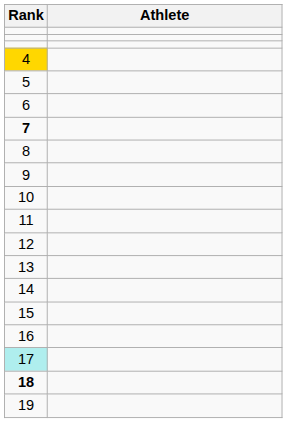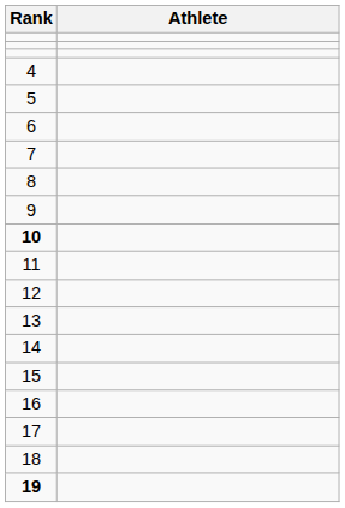 <table class="wikitable" style="text-align: center;">
 <tr>
 <th width=40>Rank</th>
 <th width=250>Athlete</th>
 </tr>
 <tr>
 <td></td>
 <td align="left"></td>
 </tr>
 <tr>
 <td></td>
 <td align="left"></td>
 </tr>
 <tr>
 <td></td>
 <td align="left"></td>
 </tr>
 <tr>
-<td style="background: gold;">4</td>
+<td>4</td>
 <td align="left"></td>
 </tr>
 <tr>
 <td>5</td>
 <td align="left"></td>
 </tr>
 <tr>
 <td>6</td>
 <td align="left"></td>
 </tr>
 <tr>
-<td><strong>7</strong></td>
+<td>7</td>
 <td align="left"></td>
 </tr>
 <tr>
 <td>8</td>
 <td align="left"></td>
 </tr>
 <tr>
 <td>9</td>
 <td align="left"></td>
 </tr>
 <tr>
-<td>10</td>
+<td><strong>10</strong></td>
 <td align="left"></td>
 </tr>
 <tr>
 <td>11</td>
 <td align="left"></td>
 </tr>
 <tr>
 <td>12</td>
 <td align="left"></td>
 </tr>
 <tr>
 <td>13</td>
 <td align="left"></td>
 </tr>
 <tr>
 <td>14</td>
 <td align="left"></td>
 </tr>
 <tr>
 <td>15</td>
 <td align="left"></td>
 </tr>
 <tr>
 <td>16</td>
 <td align="left"></td>
 </tr>
 <tr>
-<td style="background: paleturquoise;">17</td>
+<td>17</td>
 <td align="left"></td>
 </tr>
 <tr>
-<td><strong>18</strong></td>
+<td>18</td>
 <td align="left"></td>
 </tr>
 <tr>
-<td>19</td>
+<td><strong>19</strong></td>
 <td align="left"></td>
 </tr>
 </table>
